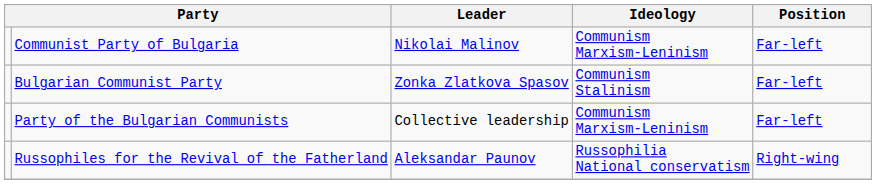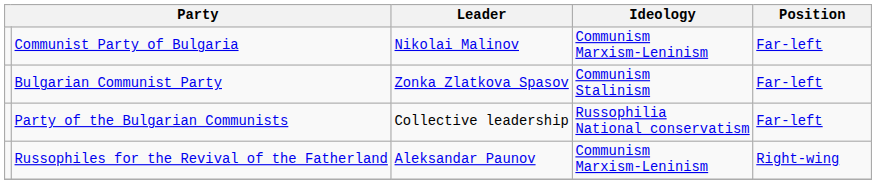 <table class="wikitable" style="font-size:95%; white-space: nowrap">
 <tr>
 <th style="width:200px" colspan="2">Party</th>
 <th style="width:100px">Leader</th>
 <th style="width:120px">Ideology</th>
 <th style="width:100px">Position</th>
 </tr>
 <tr>
 <td style="background:"></td>
 <td><a href='#'>Communist Party of Bulgaria</a></td>
 <td><a href='#'>Nikolai Malinov</a></td>
 <td><a href='#'>Communism</a><br><a href='#'>Marxism-Leninism</a></td>
 <td><a href='#'>Far-left</a></td>
 </tr>
 <tr>
 <td></td>
 <td><a href='#'>Bulgarian Communist Party</a></td>
 <td><a href='#'>Zonka Zlatkova Spasov</a></td>
 <td><a href='#'>Communism</a><br><a href='#'>Stalinism</a></td>
 <td><a href='#'>Far-left</a></td>
 </tr>
 <tr>
 <td></td>
 <td><a href='#'>Party of the Bulgarian Communists</a></td>
 <td>Collective leadership</td>
-<td><a href='#'>Communism</a><br><a href='#'>Marxism-Leninism</a></td>
+<td><a href='#'>Russophilia</a><br><a href='#'>National conservatism</a></td>
 <td><a href='#'>Far-left</a></td>
 </tr>
 <tr>
 <td></td>
 <td><a href='#'>Russophiles for the Revival of the Fatherland</a></td>
 <td><a href='#'>Aleksandar Paunov</a></td>
-<td><a href='#'>Russophilia</a><br><a href='#'>National conservatism</a></td>
+<td><a href='#'>Communism</a><br><a href='#'>Marxism-Leninism</a></td>
 <td><a href='#'>Right-wing</a></td>
 </tr>
 <tr>
 </tr>
 </table>
